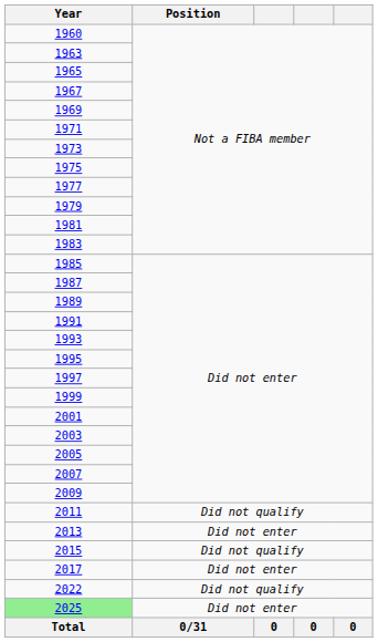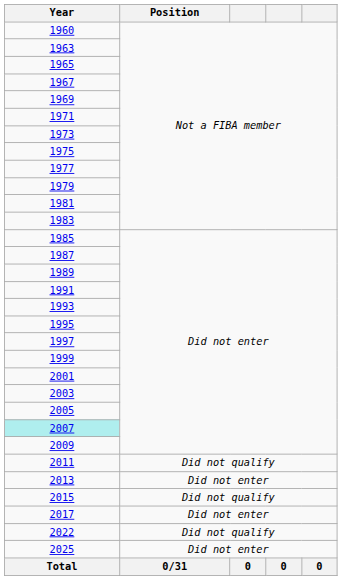 <table class="wikitable" style="text-align: center;font-size:90%;">
 <tr>
 <th width=125>Year</th>
 <th width=120>Position</th>
 <th width=35></th>
 <th width=35></th>
 <th width=35></th>
 </tr>
 <tr>
 <td> <a href='#'>1960</a></td>
 <td colspan="4" rowspan="12"><em>Not a FIBA member</em></td>
 </tr>
 <tr>
 <td> <a href='#'>1963</a></td>
 </tr>
 <tr>
 <td> <a href='#'>1965</a></td>
 </tr>
 <tr>
 <td> <a href='#'>1967</a></td>
 </tr>
 <tr>
 <td> <a href='#'>1969</a></td>
 </tr>
 <tr>
 <td> <a href='#'>1971</a></td>
 </tr>
 <tr>
 <td> <a href='#'>1973</a></td>
 </tr>
 <tr>
 <td> <a href='#'>1975</a></td>
 </tr>
 <tr>
 <td> <a href='#'>1977</a></td>
 </tr>
 <tr>
 <td> <a href='#'>1979</a></td>
 </tr>
 <tr>
 <td> <a href='#'>1981</a></td>
 </tr>
 <tr>
 <td> <a href='#'>1983</a></td>
 </tr>
 <tr>
 <td> <a href='#'>1985</a></td>
 <td colspan="4" rowspan="13"><em>Did not enter</em></td>
 </tr>
 <tr>
 <td> <a href='#'>1987</a></td>
 </tr>
 <tr>
 <td> <a href='#'>1989</a></td>
 </tr>
 <tr>
 <td> <a href='#'>1991</a></td>
 </tr>
 <tr>
 <td> <a href='#'>1993</a></td>
 </tr>
 <tr>
 <td> <a href='#'>1995</a></td>
 </tr>
 <tr>
 <td> <a href='#'>1997</a></td>
 </tr>
 <tr>
 <td> <a href='#'>1999</a></td>
 </tr>
 <tr>
 <td> <a href='#'>2001</a></td>
 </tr>
 <tr>
 <td> <a href='#'>2003</a></td>
 </tr>
 <tr>
 <td> <a href='#'>2005</a></td>
 </tr>
 <tr>
-<td> <a href='#'>2007</a></td>
+<td style="background: paleturquoise;"> <a href='#'>2007</a></td>
 </tr>
 <tr>
 <td> <a href='#'>2009</a></td>
 </tr>
 <tr>
 <td> <a href='#'>2011</a></td>
 <td colspan=4><em>Did not qualify</em></td>
 </tr>
 <tr>
 <td> <a href='#'>2013</a></td>
 <td colspan=4><em>Did not enter</em></td>
 </tr>
 <tr>
 <td> <a href='#'>2015</a></td>
 <td colspan=4><em>Did not qualify</em></td>
 </tr>
 <tr>
 <td> <a href='#'>2017</a></td>
 <td colspan=4><em>Did not enter</em></td>
 </tr>
 <tr>
 <td> <a href='#'>2022</a></td>
 <td colspan=4><em>Did not qualify</em></td>
 </tr>
 <tr>
-<td style="background: lightgreen;"> <a href='#'>2025</a></td>
+<td> <a href='#'>2025</a></td>
 <td colspan=4><em>Did not enter</em></td>
 </tr>
 <tr>
 <th>Total</th>
 <th>0/31</th>
 <th>0</th>
 <th>0</th>
 <th>0</th>
 </tr>
 </table>
